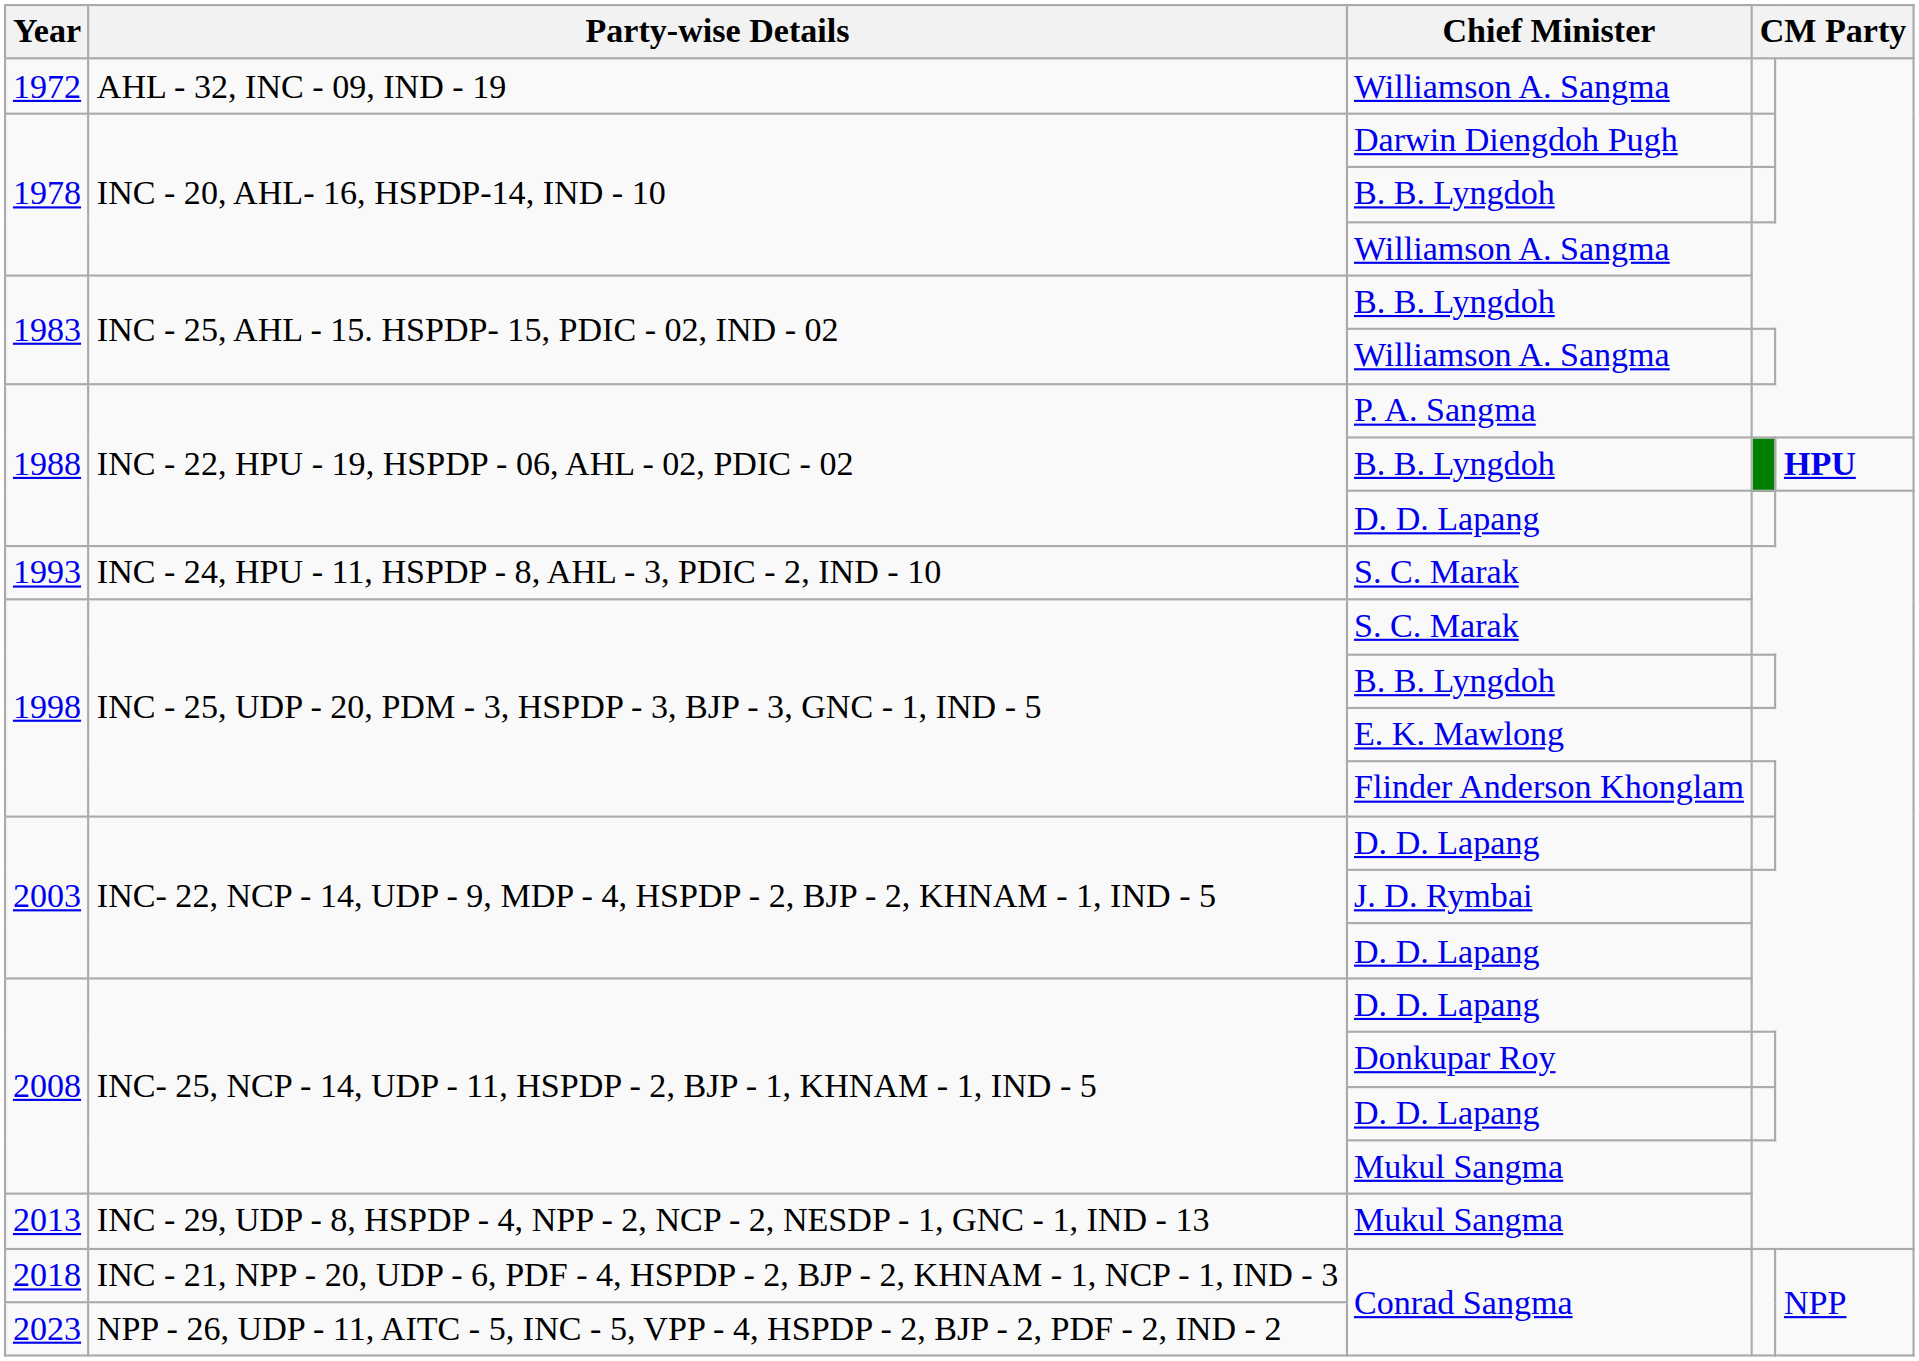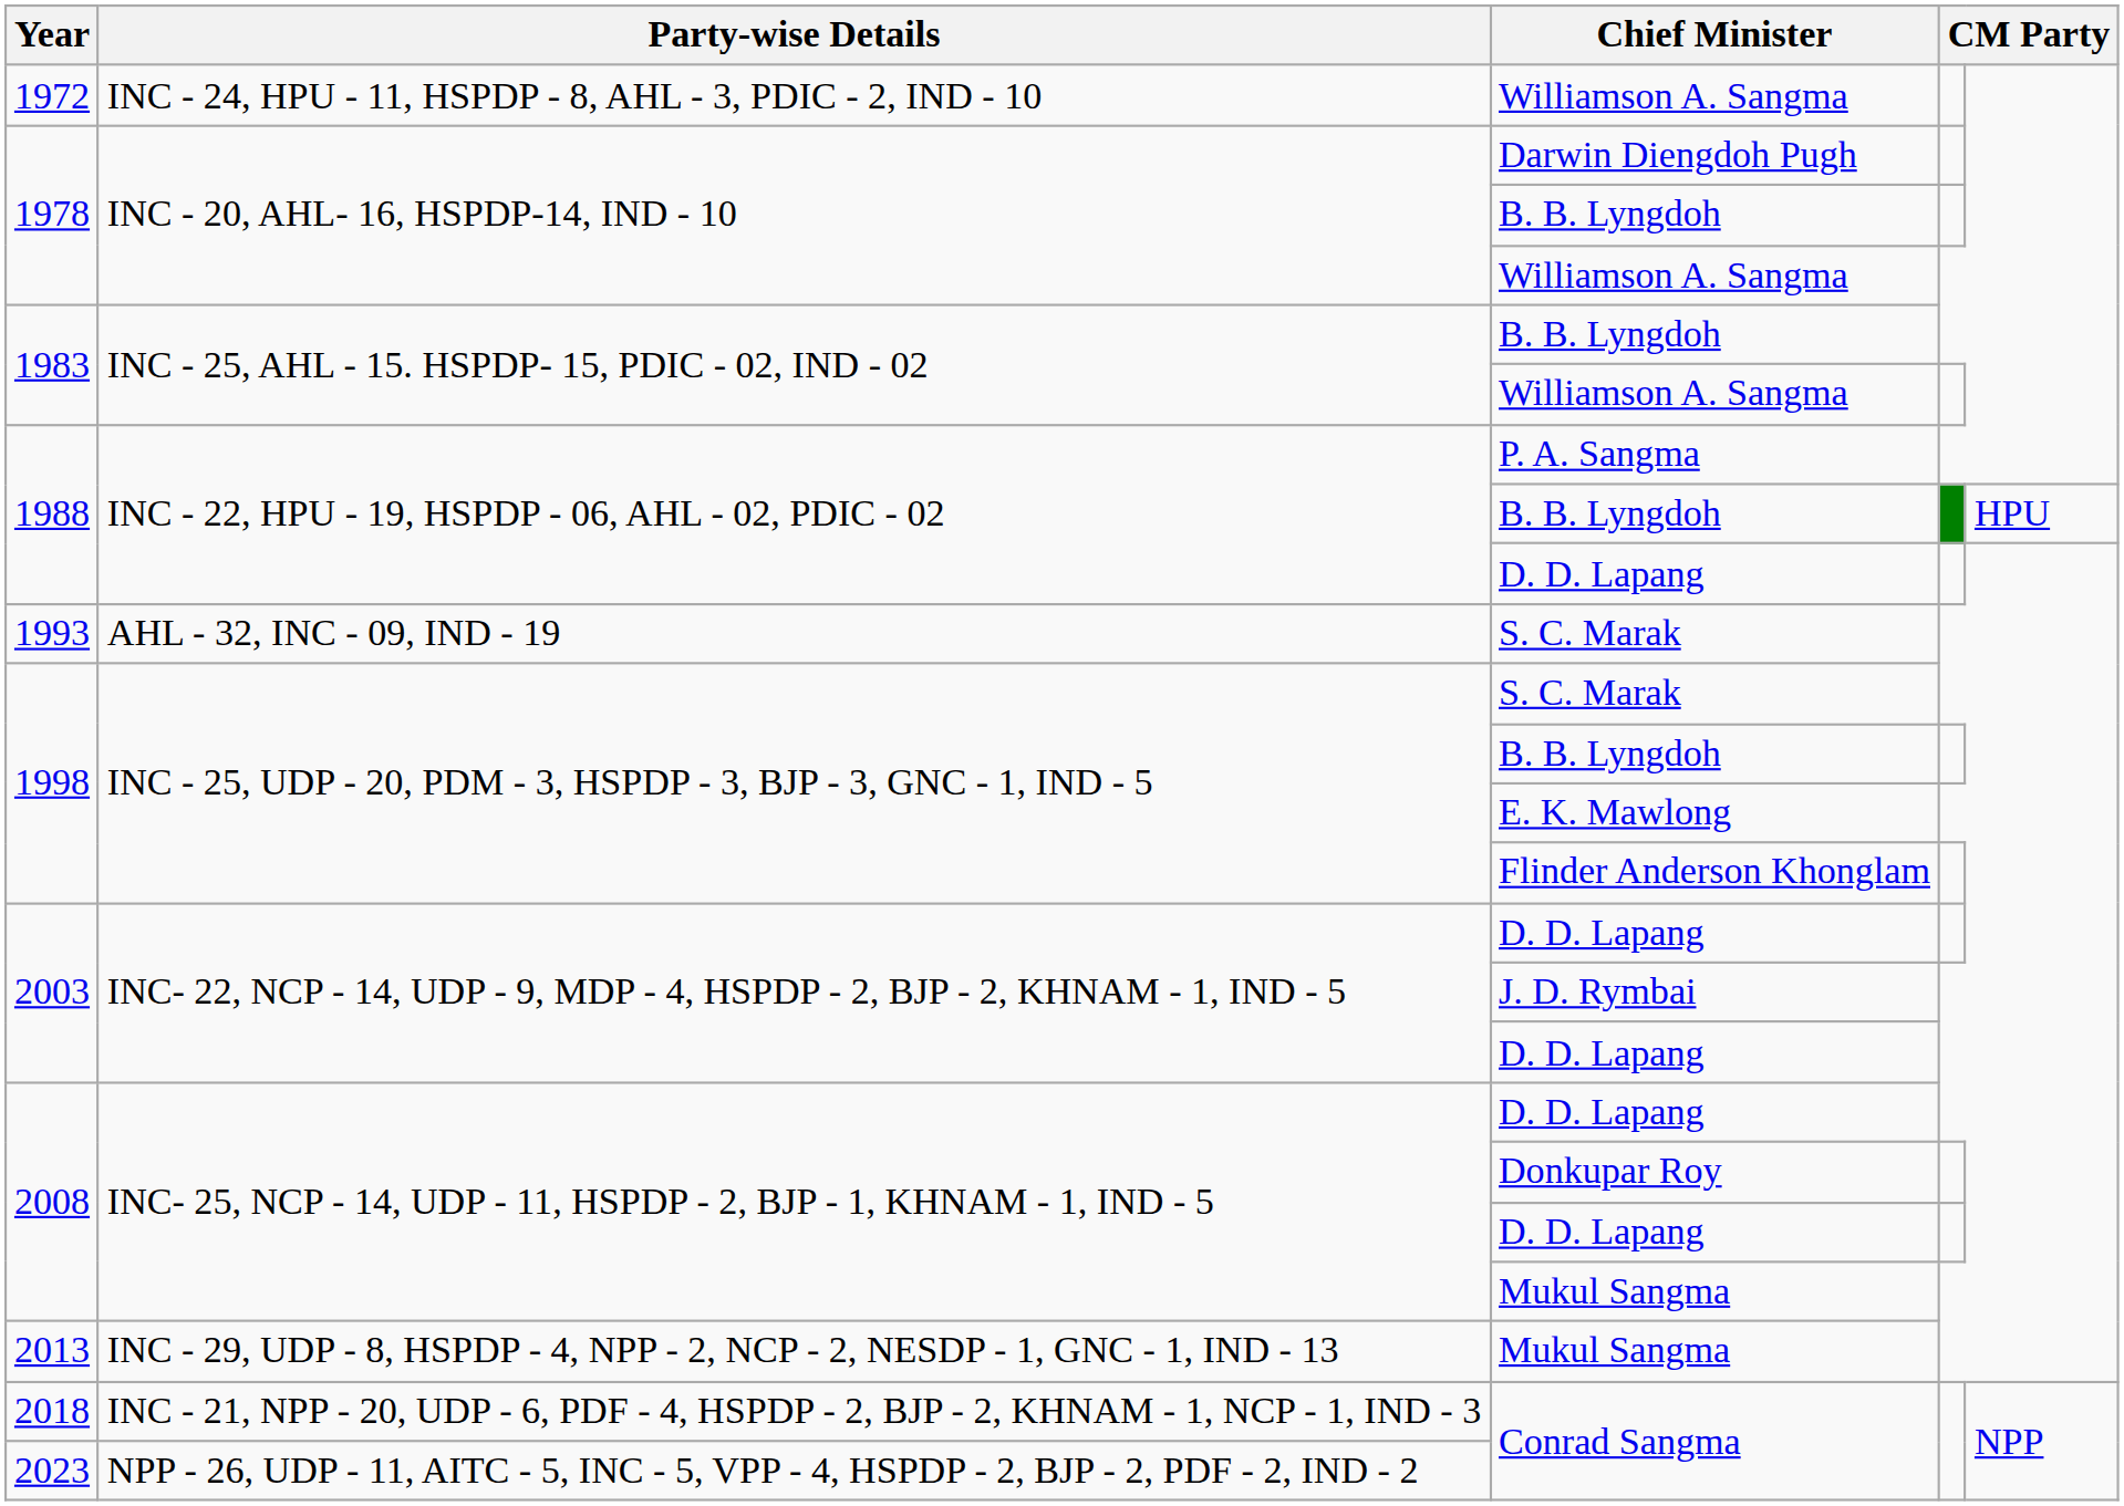 <table class="wikitable sortable">
 <tr>
 <th>Year</th>
 <th>Party-wise Details</th>
 <th>Chief Minister</th>
 <th colspan=2>CM Party</th>
 </tr>
 <tr>
 <td><a href='#'>1972</a></td>
-<td>AHL - 32, INC - 09, IND - 19</td>
+<td>INC - 24, HPU - 11, HSPDP - 8, AHL - 3, PDIC - 2, IND - 10</td>
 <td><a href='#'>Williamson A. Sangma</a></td>
 <td></td>
 </tr>
 <tr>
 <td rowspan="3"><a href='#'>1978</a></td>
 <td rowspan="3">INC - 20, AHL- 16, HSPDP-14, IND - 10</td>
 <td><a href='#'>Darwin Diengdoh Pugh</a></td>
 <td></td>
 </tr>
 <tr>
 <td><a href='#'>B. B. Lyngdoh</a></td>
 <td></td>
 </tr>
 <tr>
 <td><a href='#'>Williamson A. Sangma</a></td>
 </tr>
 <tr>
 <td rowspan="2"><a href='#'>1983</a></td>
 <td rowspan="2">INC - 25, AHL - 15. HSPDP- 15, PDIC - 02, IND - 02</td>
 <td><a href='#'>B. B. Lyngdoh</a></td>
 </tr>
 <tr>
 <td><a href='#'>Williamson A. Sangma</a></td>
 <td></td>
 </tr>
 <tr>
 <td rowspan="3"><a href='#'>1988</a></td>
 <td rowspan="3">INC - 22, HPU - 19, HSPDP - 06, AHL - 02, PDIC - 02</td>
 <td><a href='#'>P. A. Sangma</a></td>
 </tr>
 <tr>
 <td><a href='#'>B. B. Lyngdoh</a></td>
 <td width="4px" style="background-color: green"></td>
-<td><strong><a href='#'>HPU</a></strong></td>
+<td><a href='#'>HPU</a></td>
 </tr>
 <tr>
 <td><a href='#'>D. D. Lapang</a></td>
 <td></td>
 </tr>
 <tr>
 <td><a href='#'>1993</a></td>
-<td>INC - 24, HPU - 11, HSPDP - 8, AHL - 3, PDIC - 2, IND - 10</td>
+<td>AHL - 32, INC - 09, IND - 19</td>
 <td><a href='#'>S. C. Marak</a></td>
 </tr>
 <tr>
 <td rowspan="4"><a href='#'>1998</a></td>
 <td rowspan="4">INC - 25, UDP - 20, PDM - 3, HSPDP - 3, BJP - 3, GNC - 1, IND - 5</td>
 <td><a href='#'>S. C. Marak</a></td>
 </tr>
 <tr>
 <td><a href='#'>B. B. Lyngdoh</a></td>
 <td></td>
 </tr>
 <tr>
 <td><a href='#'>E. K. Mawlong</a></td>
 </tr>
 <tr>
 <td><a href='#'>Flinder Anderson Khonglam</a></td>
 <td></td>
 </tr>
 <tr>
 <td rowspan="3"><a href='#'>2003</a></td>
 <td rowspan="3">INC-  22, NCP - 14, UDP - 9, MDP - 4, HSPDP - 2, BJP - 2, KHNAM - 1, IND - 5</td>
 <td><a href='#'>D. D. Lapang</a></td>
 <td></td>
 </tr>
 <tr>
 <td><a href='#'>J. D. Rymbai</a></td>
 </tr>
 <tr>
 <td><a href='#'>D. D. Lapang</a></td>
 </tr>
 <tr>
 <td rowspan="4"><a href='#'>2008</a></td>
 <td rowspan="4">INC-  25, NCP - 14, UDP - 11, HSPDP - 2, BJP - 1, KHNAM - 1, IND - 5</td>
 <td><a href='#'>D. D. Lapang</a></td>
 </tr>
 <tr>
 <td><a href='#'>Donkupar Roy</a></td>
 <td></td>
 </tr>
 <tr>
 <td><a href='#'>D. D. Lapang</a></td>
 <td></td>
 </tr>
 <tr>
 <td><a href='#'>Mukul Sangma</a></td>
 </tr>
 <tr>
 <td><a href='#'>2013</a></td>
 <td>INC - 29, UDP - 8, HSPDP - 4, NPP - 2, NCP - 2, NESDP - 1, GNC - 1, IND - 13</td>
 <td><a href='#'>Mukul Sangma</a></td>
 </tr>
 <tr>
 <td><a href='#'>2018</a></td>
 <td>INC - 21, NPP - 20, UDP - 6, PDF - 4, HSPDP - 2, BJP - 2, KHNAM - 1, NCP - 1, IND -  3</td>
 <td rowspan="2"><a href='#'>Conrad Sangma</a></td>
 <td rowspan="2" style="background-color: "></td>
 <td rowspan="2"><a href='#'>NPP</a></td>
 </tr>
 <tr>
 <td><a href='#'>2023</a></td>
 <td>NPP - 26, UDP - 11, AITC - 5, INC - 5, VPP - 4, HSPDP - 2, BJP - 2, PDF - 2, IND - 2</td>
 </tr>
 </table>
